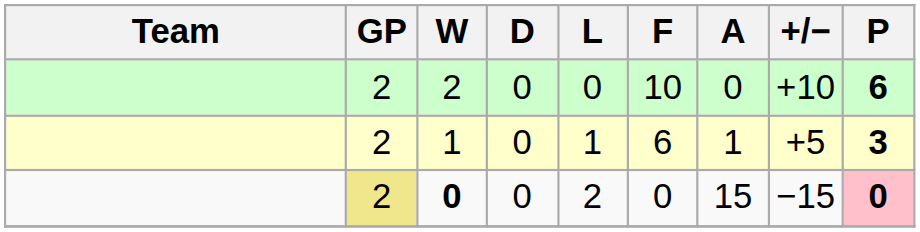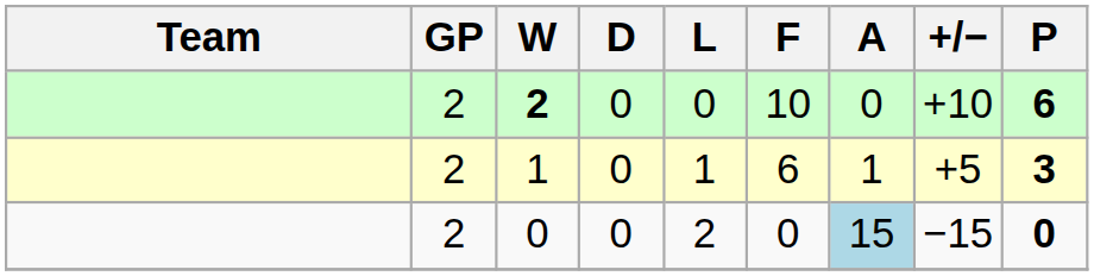 <table class="wikitable" border="1">
 <tr>
 <th width="150">Team</th>
 <th width="25">GP</th>
 <th width="25">W</th>
 <th width="25">D</th>
 <th width="25">L</th>
 <th width="25">F</th>
 <th width="25">A</th>
 <th width="25">+/−</th>
 <th width="25">P</th>
 </tr>
 <tr style="text-align:center; background:#ccffcc">
 <td style="text-align:left"></td>
 <td>2</td>
-<td>2</td>
+<td><strong>2</strong></td>
 <td>0</td>
 <td>0</td>
 <td>10</td>
 <td>0</td>
 <td>+10</td>
 <td><strong>6</strong></td>
 </tr>
 <tr style="text-align:center; background:#ffffcc">
 <td style="text-align:left"></td>
 <td>2</td>
 <td>1</td>
 <td>0</td>
 <td>1</td>
 <td>6</td>
 <td>1</td>
 <td>+5</td>
 <td><strong>3</strong></td>
 </tr>
 <tr style="text-align:center;">
 <td style="text-align:left"></td>
-<td style="background: khaki;">2</td>
-<td><strong>0</strong></td>
+<td>2</td>
+<td>0</td>
 <td>0</td>
 <td>2</td>
 <td>0</td>
-<td>15</td>
+<td style="background: lightblue;">15</td>
 <td>−15</td>
-<td style="background: pink;"><strong>0</strong></td>
+<td><strong>0</strong></td>
 </tr>
 <tr>
 </tr>
 </table>
